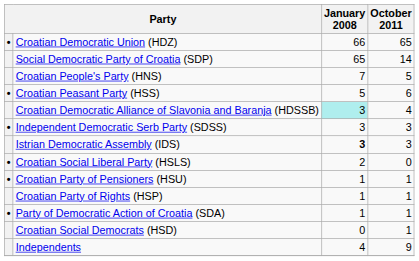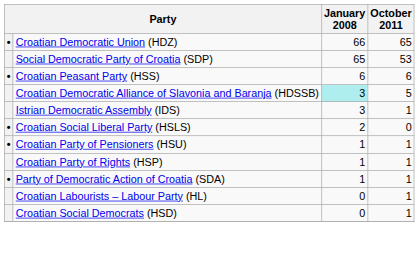 <table class="wikitable" style="font-size: 95%;">
 <tr>
 <th colspan=2>Party</th>
 <th>January<br> 2008</th>
 <th>October<br> 2011</th>
 </tr>
 <tr>
 <th style="background-color: "><span>•</span></th>
 <td><a href='#'>Croatian Democratic Union</a> (HDZ)</td>
 <td align="right">66</td>
 <td align="right">65</td>
 </tr>
 <tr>
 <th style="background-color: "></th>
 <td><a href='#'>Social Democratic Party of Croatia</a> (SDP)</td>
 <td align="right">65</td>
-<td align="right">14</td>
-</tr>
-<tr>
-<th style="background-color: "></th>
-<td><a href='#'>Croatian People's Party</a> (HNS)</td>
-<td align="right">7</td>
-<td align="right">5</td>
+<td align="right">53</td>
 </tr>
 <tr>
 <th style="background-color: "><span>•</span></th>
 <td><a href='#'>Croatian Peasant Party</a> (HSS)</td>
-<td align="right">5</td>
+<td align="right">6</td>
 <td align="right">6</td>
 </tr>
 <tr>
 <th style="background-color: "></th>
 <td><a href='#'>Croatian Democratic Alliance of Slavonia and Baranja</a> (HDSSB)</td>
 <td align="right" style="background: paleturquoise;">3</td>
-<td align="right">4</td>
-</tr>
-<tr>
-<th style="background-color: "><span>•</span></th>
-<td><a href='#'>Independent Democratic Serb Party</a> (SDSS)</td>
-<td align="right">3</td>
-<td align="right">3</td>
+<td align="right">5</td>
 </tr>
 <tr>
 <th style="background-color: "></th>
 <td><a href='#'>Istrian Democratic Assembly</a> (IDS)</td>
-<td align="right"><strong>3</strong></td>
 <td align="right">3</td>
+<td align="right">1</td>
 </tr>
 <tr>
 <th style="background-color: "><span>•</span></th>
 <td><a href='#'>Croatian Social Liberal Party</a> (HSLS)</td>
 <td align="right">2</td>
 <td align="right">0</td>
 </tr>
 <tr>
 <th style="background-color: "><span>•</span></th>
 <td><a href='#'>Croatian Party of Pensioners</a> (HSU)</td>
 <td align="right">1</td>
 <td align="right">1</td>
 </tr>
 <tr>
 <th style="background-color: "></th>
 <td><a href='#'>Croatian Party of Rights</a> (HSP)</td>
 <td align="right">1</td>
 <td align="right">1</td>
 </tr>
 <tr>
 <th style="background-color: "><span>•</span></th>
 <td><a href='#'>Party of Democratic Action of Croatia</a> (SDA)</td>
 <td align="right">1</td>
 <td align="right">1</td>
 </tr>
 <tr>
 <th style="background-color: "></th>
+<td><a href='#'>Croatian Labourists – Labour Party</a> (HL)</td>
+<td align="right">0</td>
+<td align="right">1</td>
+</tr>
+<tr>
+<th style="background-color: "></th>
 <td><a href='#'>Croatian Social Democrats</a> (HSD)</td>
 <td align="right">0</td>
 <td align="right">1</td>
 </tr>
 <tr>
-<th style="background-color: "></th>
-<td><a href='#'>Independents</a></td>
-<td align="right">4</td>
-<td align="right">9</td>
-</tr>
-<tr>
 </tr>
 </table>
